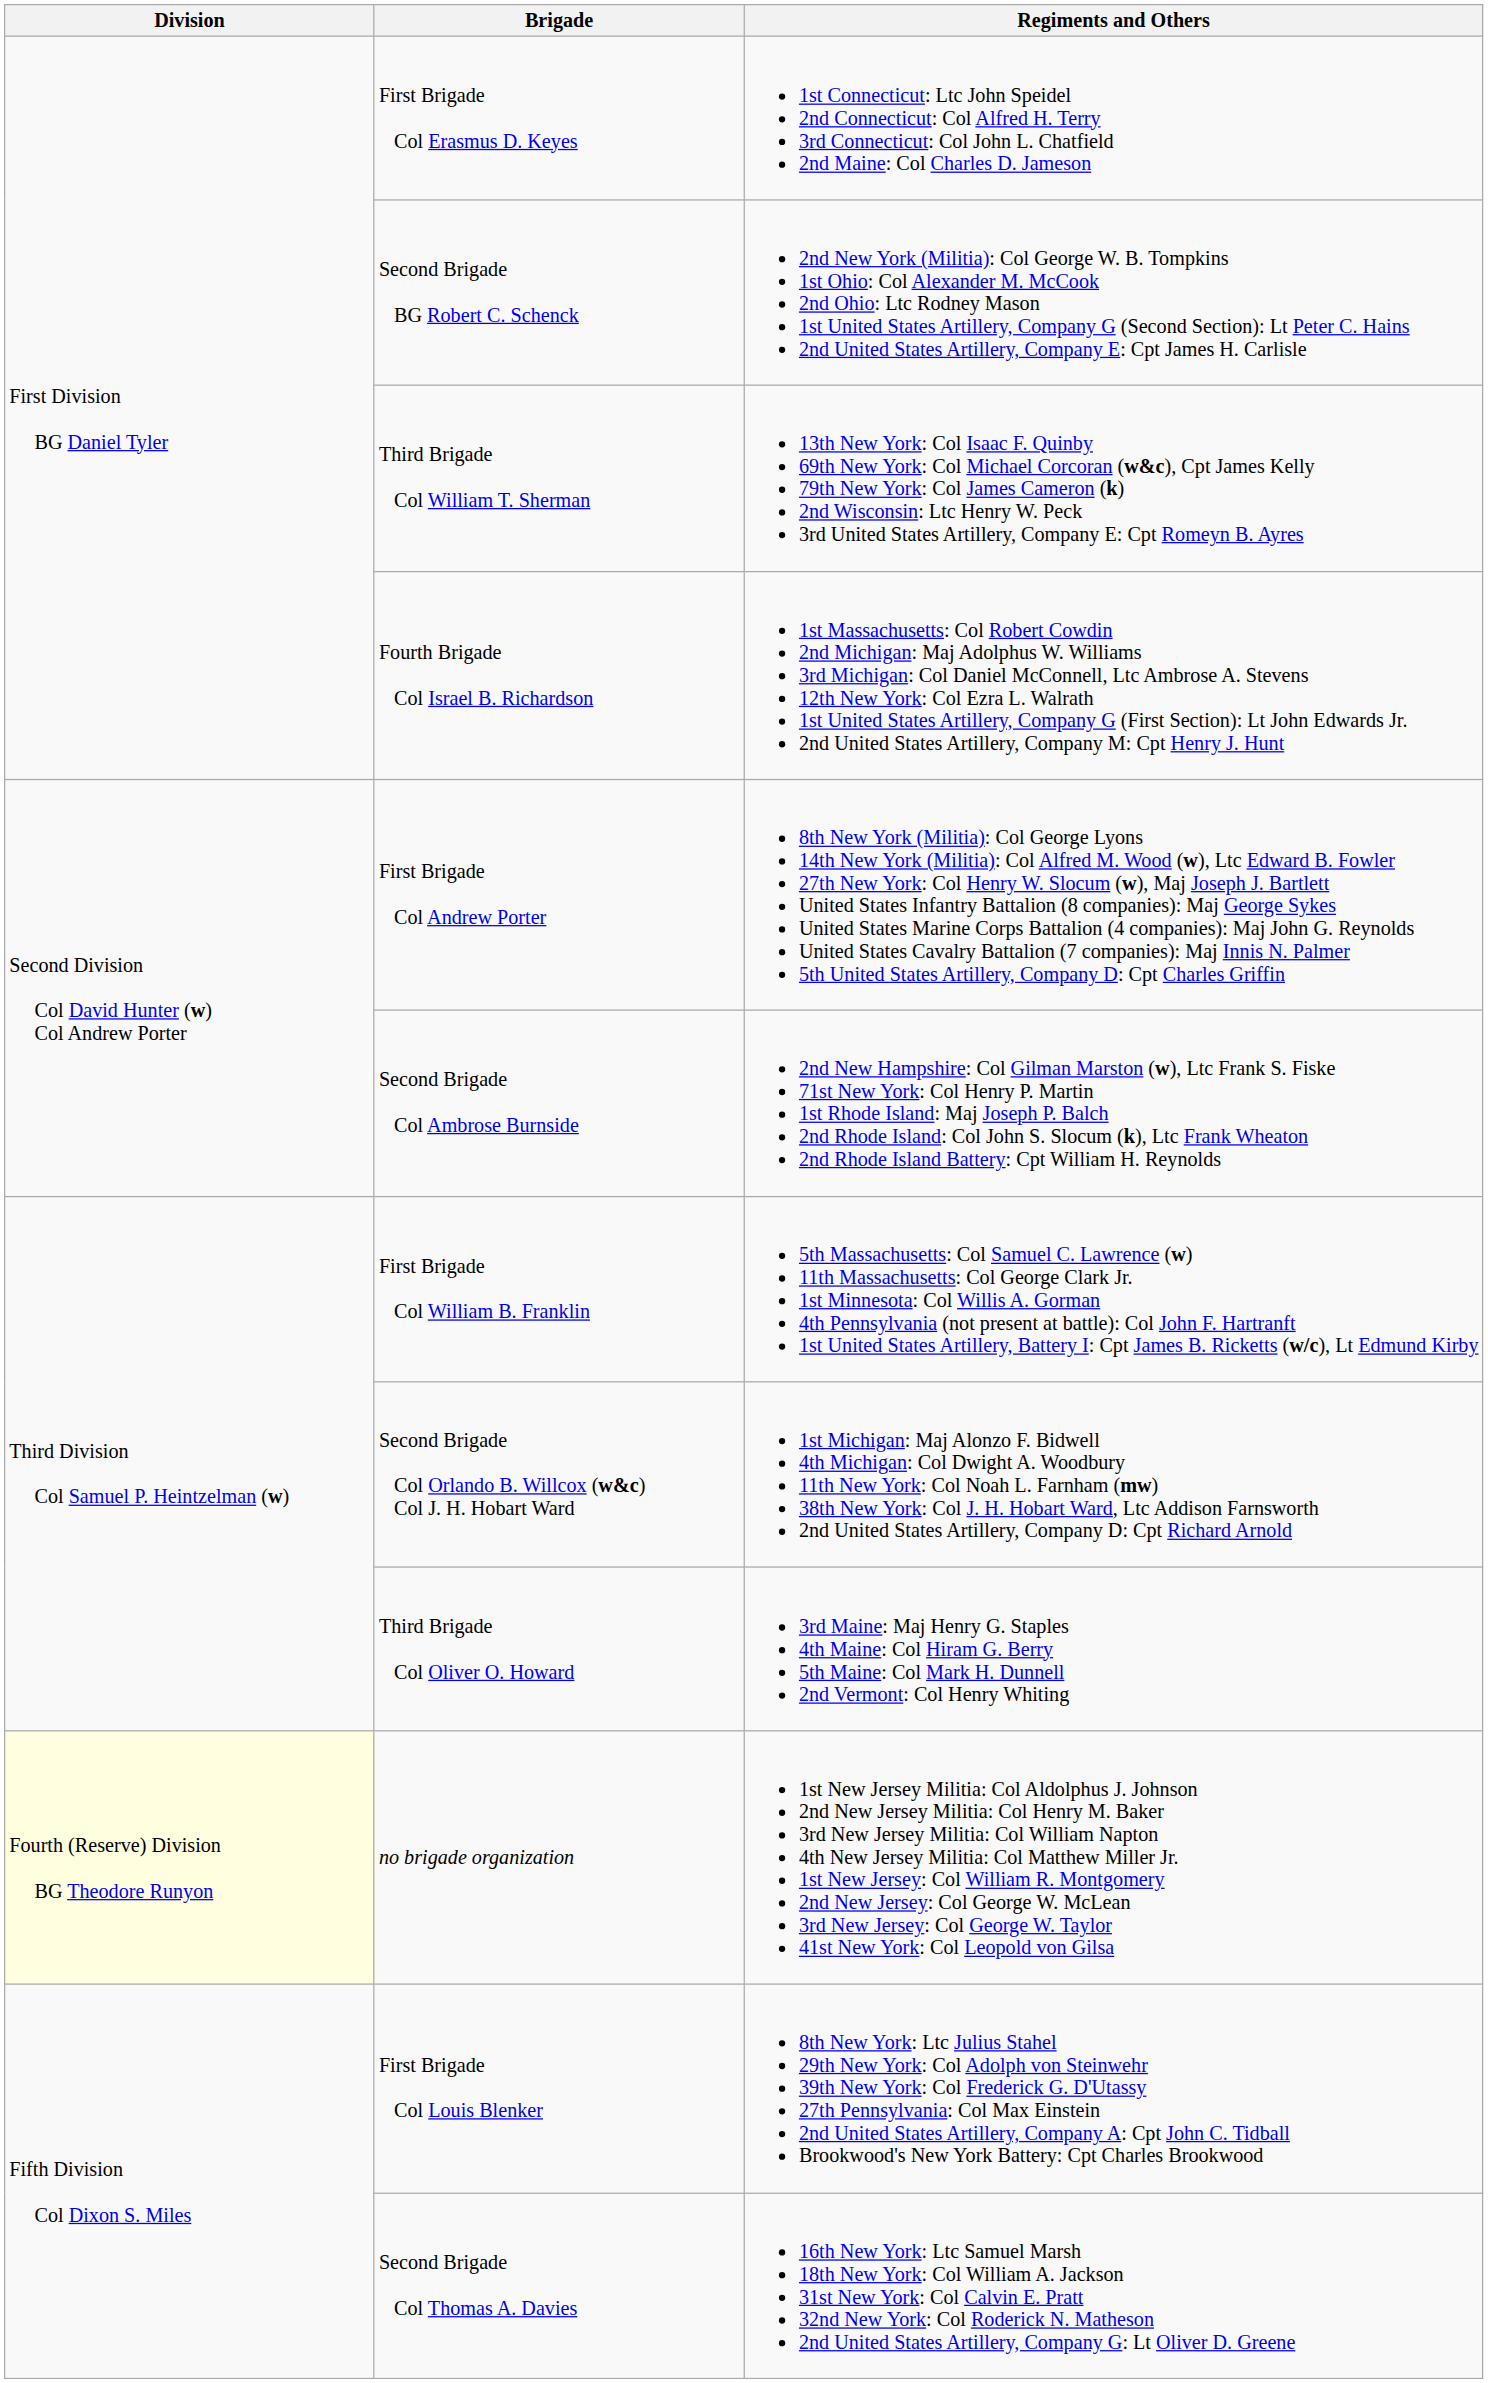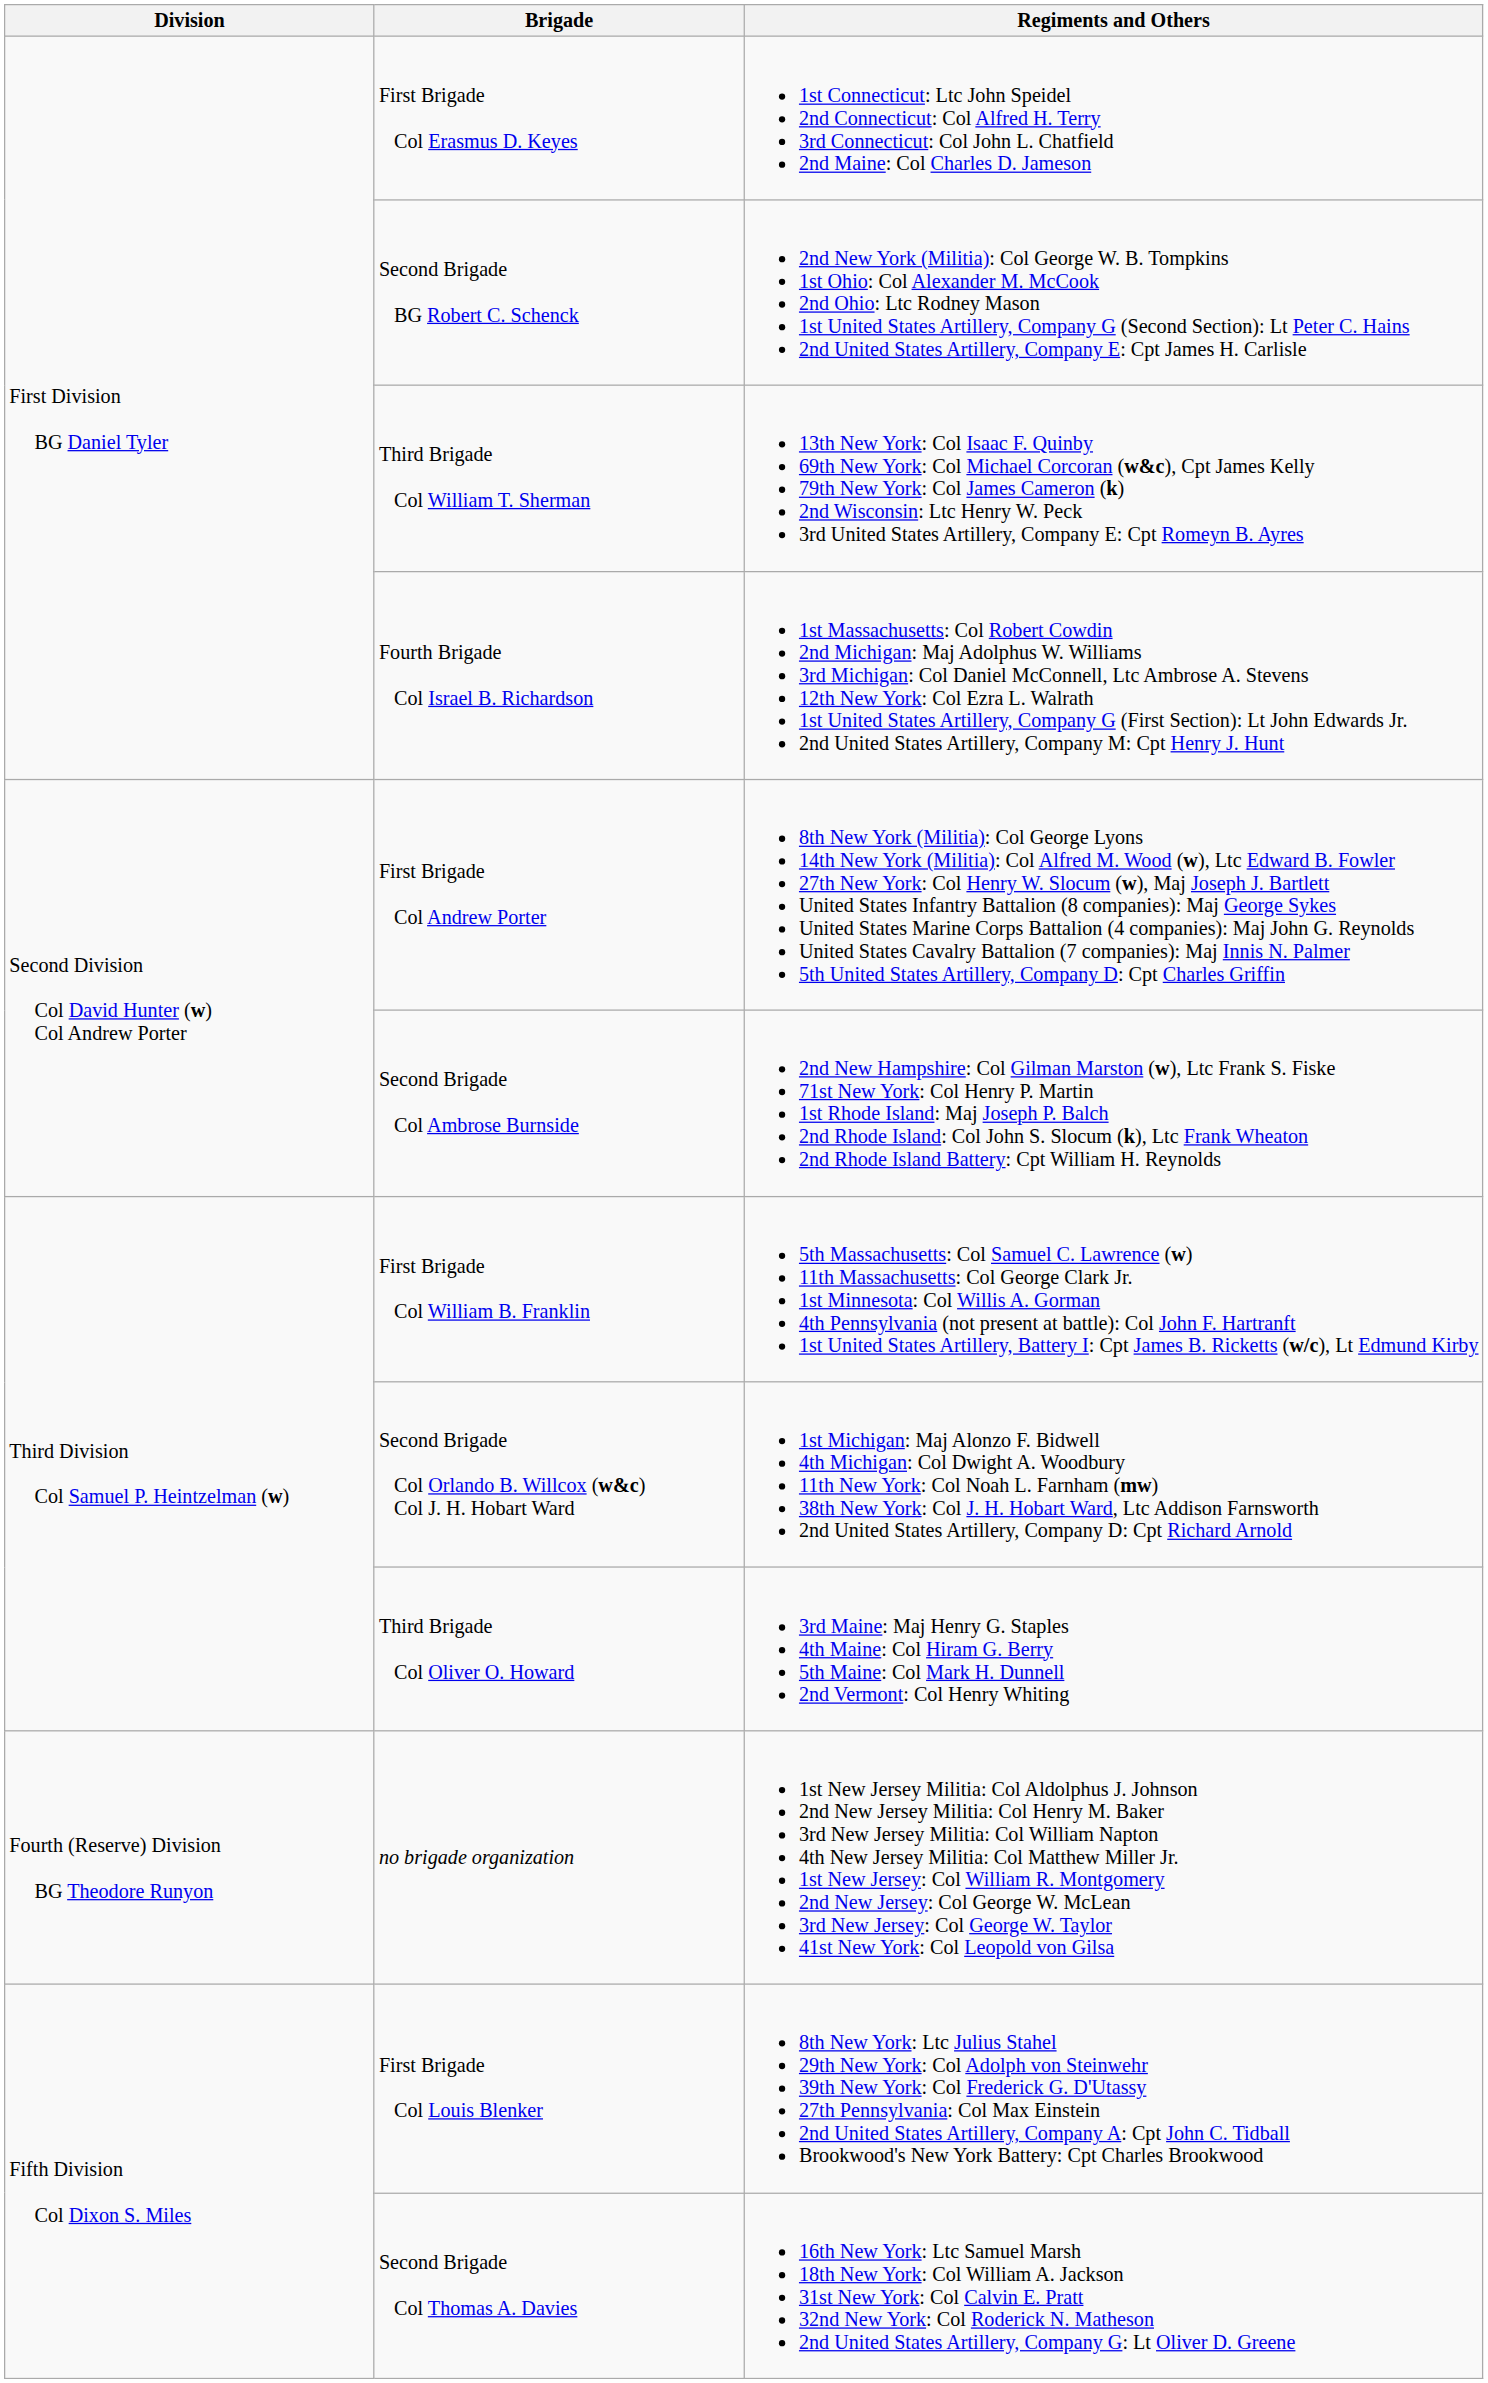 <table class="wikitable">
 <tr>
 <th width=25%>Division</th>
 <th width=25%>Brigade</th>
 <th>Regiments and Others</th>
 </tr>
 <tr>
 <td rowspan=4><br>First Division<br><br>     BG <a href='#'>Daniel Tyler</a></td>
 <td>First Brigade<br><br>   Col <a href='#'>Erasmus D. Keyes</a></td>
 <td><br><ul><li><a href='#'>1st Connecticut</a>: Ltc John Speidel</li><li><a href='#'>2nd Connecticut</a>: Col <a href='#'>Alfred H. Terry</a></li><li><a href='#'>3rd Connecticut</a>: Col John L. Chatfield</li><li><a href='#'>2nd Maine</a>: Col <a href='#'>Charles D. Jameson</a></li></ul></td>
 </tr>
 <tr>
 <td>Second Brigade<br><br>   BG <a href='#'>Robert C. Schenck</a></td>
 <td><br><ul><li><a href='#'>2nd New York (Militia)</a>: Col George W. B. Tompkins</li><li><a href='#'>1st Ohio</a>: Col <a href='#'>Alexander M. McCook</a></li><li><a href='#'>2nd Ohio</a>: Ltc Rodney Mason</li><li><a href='#'>1st United States Artillery, Company G</a> (Second Section): Lt <a href='#'>Peter C. Hains</a></li><li><a href='#'>2nd United States Artillery, Company E</a>: Cpt James H. Carlisle</li></ul></td>
 </tr>
 <tr>
 <td>Third Brigade<br><br>   Col <a href='#'>William T. Sherman</a></td>
 <td><br><ul><li><a href='#'>13th New York</a>: Col <a href='#'>Isaac F. Quinby</a></li><li><a href='#'>69th New York</a>: Col <a href='#'>Michael Corcoran</a> (<strong>w&c</strong>), Cpt James Kelly</li><li><a href='#'>79th New York</a>: Col <a href='#'>James Cameron</a> (<strong>k</strong>)</li><li><a href='#'>2nd Wisconsin</a>: Ltc Henry W. Peck</li><li>3rd United States Artillery, Company E: Cpt <a href='#'>Romeyn B. Ayres</a></li></ul></td>
 </tr>
 <tr>
 <td>Fourth Brigade<br><br>   Col <a href='#'>Israel B. Richardson</a></td>
 <td><br><ul><li><a href='#'>1st Massachusetts</a>: Col <a href='#'>Robert Cowdin</a></li><li><a href='#'>2nd Michigan</a>: Maj Adolphus W. Williams</li><li><a href='#'>3rd Michigan</a>: Col Daniel McConnell, Ltc Ambrose A. Stevens</li><li><a href='#'>12th New York</a>: Col Ezra L. Walrath</li><li><a href='#'>1st United States Artillery, Company G</a> (First Section): Lt John Edwards Jr.</li><li>2nd United States Artillery, Company M: Cpt <a href='#'>Henry J. Hunt</a></li></ul></td>
 </tr>
 <tr>
 <td rowspan=2><br>Second Division<br><br>     Col <a href='#'>David Hunter</a> (<strong>w</strong>) <br>     Col Andrew Porter</td>
 <td>First Brigade<br><br>   Col <a href='#'>Andrew Porter</a></td>
 <td><br><ul><li><a href='#'>8th New York (Militia)</a>: Col George Lyons</li><li><a href='#'>14th New York (Militia)</a>: Col <a href='#'>Alfred M. Wood</a> (<strong>w</strong>), Ltc <a href='#'>Edward B. Fowler</a></li><li><a href='#'>27th New York</a>: Col <a href='#'>Henry W. Slocum</a> (<strong>w</strong>), Maj <a href='#'>Joseph J. Bartlett</a></li><li>United States Infantry Battalion (8 companies): Maj <a href='#'>George Sykes</a></li><li>United States Marine Corps Battalion (4 companies): Maj John G. Reynolds</li><li>United States Cavalry Battalion (7 companies): Maj <a href='#'>Innis N. Palmer</a></li><li><a href='#'>5th United States Artillery, Company D</a>: Cpt <a href='#'>Charles Griffin</a></li></ul></td>
 </tr>
 <tr>
 <td>Second Brigade<br><br>   Col <a href='#'>Ambrose Burnside</a></td>
 <td><br><ul><li><a href='#'>2nd New Hampshire</a>: Col <a href='#'>Gilman Marston</a> (<strong>w</strong>), Ltc Frank S. Fiske</li><li><a href='#'>71st New York</a>: Col Henry P. Martin</li><li><a href='#'>1st Rhode Island</a>: Maj <a href='#'>Joseph P. Balch</a></li><li><a href='#'>2nd Rhode Island</a>: Col John S. Slocum (<strong>k</strong>), Ltc <a href='#'>Frank Wheaton</a></li><li><a href='#'>2nd Rhode Island Battery</a>: Cpt William H. Reynolds</li></ul></td>
 </tr>
 <tr>
 <td rowspan=3><br>Third Division<br><br>     Col <a href='#'>Samuel P. Heintzelman</a> (<strong>w</strong>)</td>
 <td>First Brigade<br><br>   Col <a href='#'>William B. Franklin</a></td>
 <td><br><ul><li><a href='#'>5th Massachusetts</a>: Col <a href='#'>Samuel C. Lawrence</a> (<strong>w</strong>)</li><li><a href='#'>11th Massachusetts</a>: Col George Clark Jr.</li><li><a href='#'>1st Minnesota</a>: Col <a href='#'>Willis A. Gorman</a></li><li><a href='#'>4th Pennsylvania</a> (not present at battle): Col <a href='#'>John F. Hartranft</a></li><li><a href='#'>1st United States Artillery, Battery I</a>: Cpt <a href='#'>James B. Ricketts</a> (<strong>w/c</strong>), Lt <a href='#'>Edmund Kirby</a></li></ul></td>
 </tr>
 <tr>
 <td>Second Brigade<br><br>   Col <a href='#'>Orlando B. Willcox</a> (<strong>w&c</strong>) <br>   Col J. H. Hobart Ward</td>
 <td><br><ul><li><a href='#'>1st Michigan</a>: Maj Alonzo F. Bidwell</li><li><a href='#'>4th Michigan</a>: Col Dwight A. Woodbury</li><li><a href='#'>11th New York</a>: Col Noah L. Farnham (<strong>mw</strong>)</li><li><a href='#'>38th New York</a>: Col <a href='#'>J. H. Hobart Ward</a>, Ltc Addison Farnsworth</li><li>2nd United States Artillery, Company D: Cpt <a href='#'>Richard Arnold</a></li></ul></td>
 </tr>
 <tr>
 <td>Third Brigade<br><br>   Col <a href='#'>Oliver O. Howard</a></td>
 <td><br><ul><li><a href='#'>3rd Maine</a>: Maj Henry G. Staples</li><li><a href='#'>4th Maine</a>: Col <a href='#'>Hiram G. Berry</a></li><li><a href='#'>5th Maine</a>: Col <a href='#'>Mark H. Dunnell</a></li><li><a href='#'>2nd Vermont</a>: Col Henry Whiting</li></ul></td>
 </tr>
 <tr>
-<td rowspan=1 style="background: lightyellow;"><br>Fourth (Reserve) Division<br><br>     BG <a href='#'>Theodore Runyon</a></td>
+<td rowspan=1><br>Fourth (Reserve) Division<br><br>     BG <a href='#'>Theodore Runyon</a></td>
 <td><em>no brigade organization</em></td>
 <td><br><ul><li>1st New Jersey Militia: Col Aldolphus J. Johnson</li><li>2nd New Jersey Militia: Col Henry M. Baker</li><li>3rd New Jersey Militia: Col William Napton</li><li>4th New Jersey Militia: Col Matthew Miller Jr.</li><li><a href='#'>1st New Jersey</a>: Col <a href='#'>William R. Montgomery</a></li><li><a href='#'>2nd New Jersey</a>: Col George W. McLean</li><li><a href='#'>3rd New Jersey</a>: Col <a href='#'>George W. Taylor</a></li><li><a href='#'>41st New York</a>: Col <a href='#'>Leopold von Gilsa</a></li></ul></td>
 </tr>
 <tr>
 <td rowspan=2><br>Fifth Division<br><br>     Col <a href='#'>Dixon S. Miles</a></td>
 <td>First Brigade<br><br>   Col <a href='#'>Louis Blenker</a></td>
 <td><br><ul><li><a href='#'>8th New York</a>: Ltc <a href='#'>Julius Stahel</a></li><li><a href='#'>29th New York</a>: Col <a href='#'>Adolph von Steinwehr</a></li><li><a href='#'>39th New York</a>: Col <a href='#'>Frederick G. D'Utassy</a></li><li><a href='#'>27th Pennsylvania</a>: Col Max Einstein</li><li><a href='#'>2nd United States Artillery, Company A</a>: Cpt <a href='#'>John C. Tidball</a></li><li>Brookwood's New York Battery: Cpt Charles Brookwood</li></ul></td>
 </tr>
 <tr>
 <td>Second Brigade<br><br>   Col <a href='#'>Thomas A. Davies</a></td>
 <td><br><ul><li><a href='#'>16th New York</a>: Ltc Samuel Marsh</li><li><a href='#'>18th New York</a>: Col William A. Jackson</li><li><a href='#'>31st New York</a>: Col <a href='#'>Calvin E. Pratt</a></li><li><a href='#'>32nd New York</a>: Col <a href='#'>Roderick N. Matheson</a></li><li><a href='#'>2nd United States Artillery, Company G</a>: Lt <a href='#'>Oliver D. Greene</a></li></ul></td>
 </tr>
 </table>
